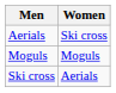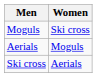 <table class=wikitable>
 <tr>
 <th>Men</th>
 <th>Women</th>
 </tr>
 <tr>
-<td><a href='#'>Aerials</a></td>
+<td><a href='#'>Moguls</a></td>
 <td><a href='#'>Ski cross</a></td>
 </tr>
 <tr>
-<td><a href='#'>Moguls</a></td>
+<td><a href='#'>Aerials</a></td>
 <td><a href='#'>Moguls</a></td>
 </tr>
 <tr>
 <td><a href='#'>Ski cross</a></td>
 <td><a href='#'>Aerials</a></td>
 </tr>
 </table>
